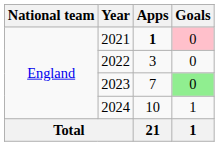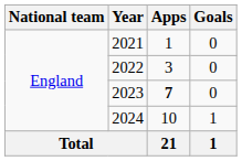 <table class="wikitable" style="text-align: center;">
 <tr>
 <th>National team</th>
 <th>Year</th>
 <th>Apps</th>
 <th>Goals</th>
 </tr>
 <tr>
 <td rowspan="4"><a href='#'>England</a></td>
 <td>2021</td>
-<td><strong>1</strong></td>
-<td style="background: pink;">0</td>
+<td>1</td>
+<td>0</td>
 </tr>
 <tr>
 <td>2022</td>
 <td>3</td>
 <td>0</td>
 </tr>
 <tr>
 <td>2023</td>
-<td>7</td>
-<td style="background: lightgreen;">0</td>
+<td><strong>7</strong></td>
+<td>0</td>
 </tr>
 <tr>
 <td>2024</td>
 <td>10</td>
 <td>1</td>
 </tr>
 <tr>
 <th colspan="2">Total</th>
 <th>21</th>
 <th>1</th>
 </tr>
 </table>
